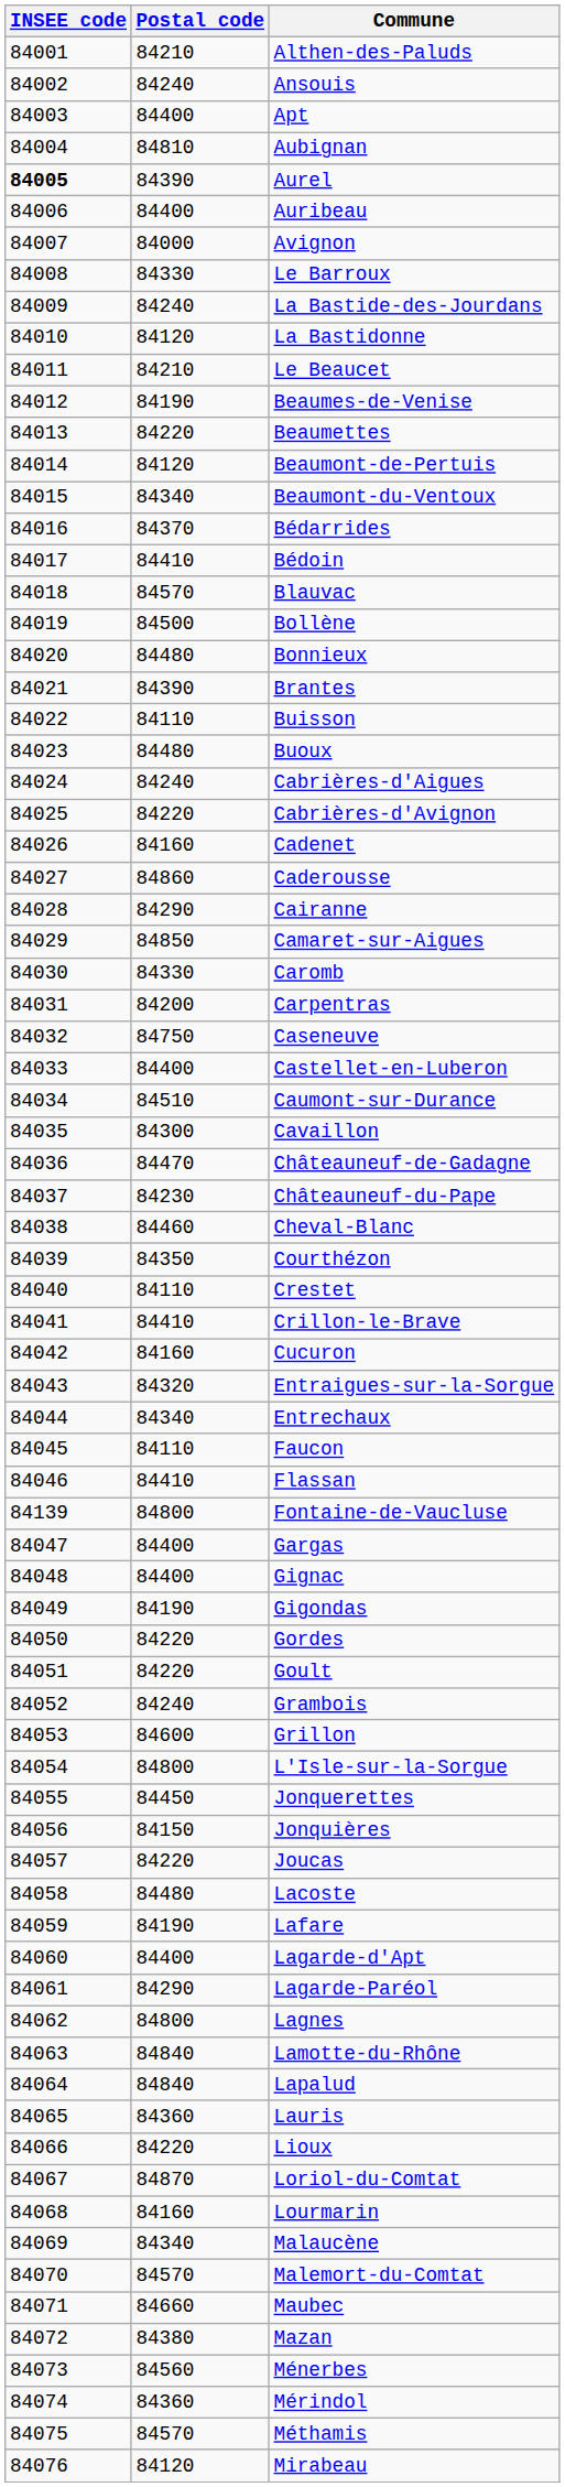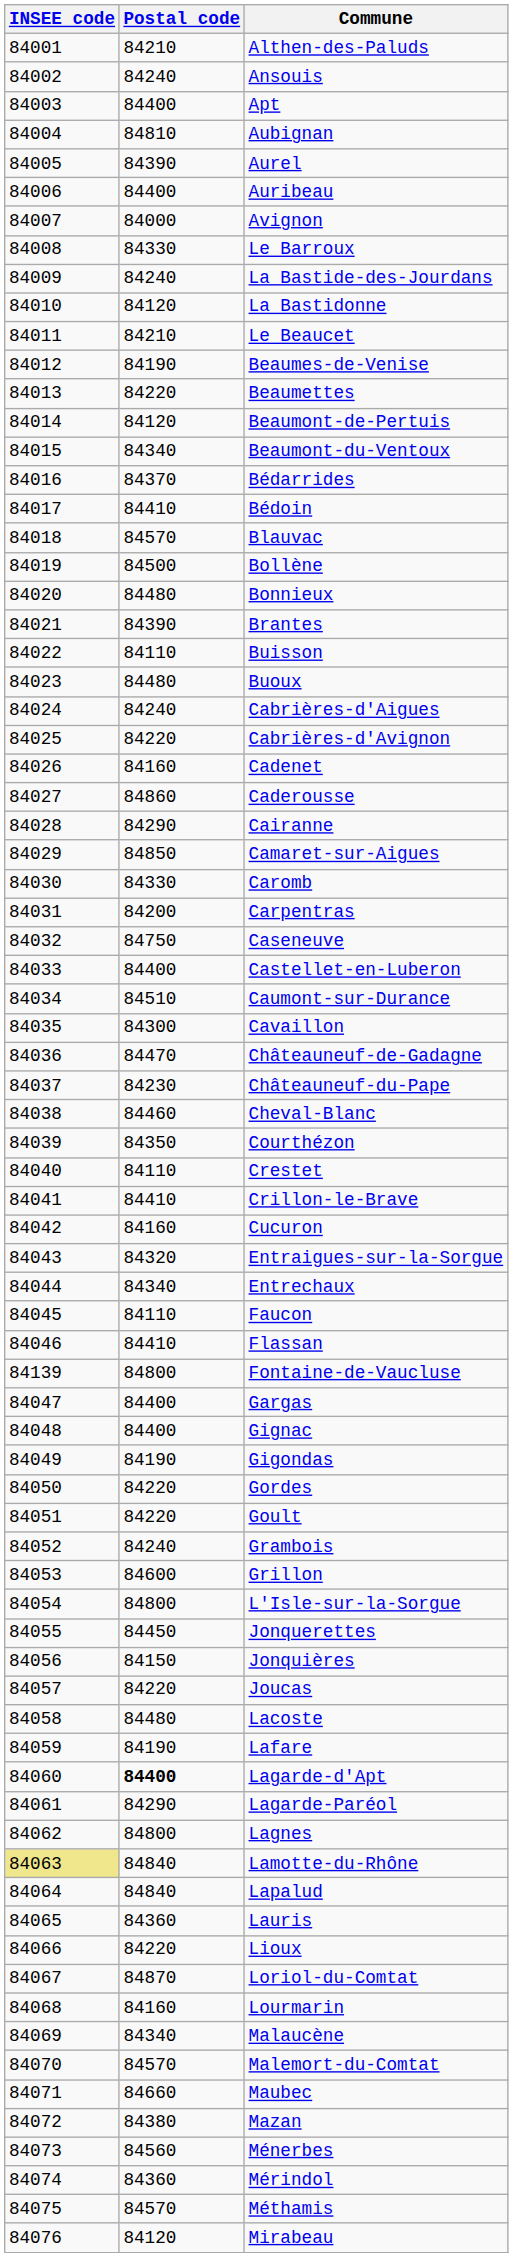 <table class="wikitable sortable">
 <tr>
 <th><a href='#'>INSEE code</a></th>
 <th><a href='#'>Postal code</a></th>
 <th>Commune</th>
 </tr>
 <tr>
 <td>84001</td>
 <td>84210</td>
 <td><a href='#'>Althen-des-Paluds</a></td>
 </tr>
 <tr>
 <td>84002</td>
 <td>84240</td>
 <td><a href='#'>Ansouis</a></td>
 </tr>
 <tr>
 <td>84003</td>
 <td>84400</td>
 <td><a href='#'>Apt</a></td>
 </tr>
 <tr>
 <td>84004</td>
 <td>84810</td>
 <td><a href='#'>Aubignan</a></td>
 </tr>
 <tr>
-<td><strong>84005</strong></td>
+<td>84005</td>
 <td>84390</td>
 <td><a href='#'>Aurel</a></td>
 </tr>
 <tr>
 <td>84006</td>
 <td>84400</td>
 <td><a href='#'>Auribeau</a></td>
 </tr>
 <tr>
 <td>84007</td>
 <td>84000</td>
 <td><a href='#'>Avignon</a></td>
 </tr>
 <tr>
 <td>84008</td>
 <td>84330</td>
 <td><a href='#'>Le Barroux</a></td>
 </tr>
 <tr>
 <td>84009</td>
 <td>84240</td>
 <td><a href='#'>La Bastide-des-Jourdans</a></td>
 </tr>
 <tr>
 <td>84010</td>
 <td>84120</td>
 <td><a href='#'>La Bastidonne</a></td>
 </tr>
 <tr>
 <td>84011</td>
 <td>84210</td>
 <td><a href='#'>Le Beaucet</a></td>
 </tr>
 <tr>
 <td>84012</td>
 <td>84190</td>
 <td><a href='#'>Beaumes-de-Venise</a></td>
 </tr>
 <tr>
 <td>84013</td>
 <td>84220</td>
 <td><a href='#'>Beaumettes</a></td>
 </tr>
 <tr>
 <td>84014</td>
 <td>84120</td>
 <td><a href='#'>Beaumont-de-Pertuis</a></td>
 </tr>
 <tr>
 <td>84015</td>
 <td>84340</td>
 <td><a href='#'>Beaumont-du-Ventoux</a></td>
 </tr>
 <tr>
 <td>84016</td>
 <td>84370</td>
 <td><a href='#'>Bédarrides</a></td>
 </tr>
 <tr>
 <td>84017</td>
 <td>84410</td>
 <td><a href='#'>Bédoin</a></td>
 </tr>
 <tr>
 <td>84018</td>
 <td>84570</td>
 <td><a href='#'>Blauvac</a></td>
 </tr>
 <tr>
 <td>84019</td>
 <td>84500</td>
 <td><a href='#'>Bollène</a></td>
 </tr>
 <tr>
 <td>84020</td>
 <td>84480</td>
 <td><a href='#'>Bonnieux</a></td>
 </tr>
 <tr>
 <td>84021</td>
 <td>84390</td>
 <td><a href='#'>Brantes</a></td>
 </tr>
 <tr>
 <td>84022</td>
 <td>84110</td>
 <td><a href='#'>Buisson</a></td>
 </tr>
 <tr>
 <td>84023</td>
 <td>84480</td>
 <td><a href='#'>Buoux</a></td>
 </tr>
 <tr>
 <td>84024</td>
 <td>84240</td>
 <td><a href='#'>Cabrières-d'Aigues</a></td>
 </tr>
 <tr>
 <td>84025</td>
 <td>84220</td>
 <td><a href='#'>Cabrières-d'Avignon</a></td>
 </tr>
 <tr>
 <td>84026</td>
 <td>84160</td>
 <td><a href='#'>Cadenet</a></td>
 </tr>
 <tr>
 <td>84027</td>
 <td>84860</td>
 <td><a href='#'>Caderousse</a></td>
 </tr>
 <tr>
 <td>84028</td>
 <td>84290</td>
 <td><a href='#'>Cairanne</a></td>
 </tr>
 <tr>
 <td>84029</td>
 <td>84850</td>
 <td><a href='#'>Camaret-sur-Aigues</a></td>
 </tr>
 <tr>
 <td>84030</td>
 <td>84330</td>
 <td><a href='#'>Caromb</a></td>
 </tr>
 <tr>
 <td>84031</td>
 <td>84200</td>
 <td><a href='#'>Carpentras</a></td>
 </tr>
 <tr>
 <td>84032</td>
 <td>84750</td>
 <td><a href='#'>Caseneuve</a></td>
 </tr>
 <tr>
 <td>84033</td>
 <td>84400</td>
 <td><a href='#'>Castellet-en-Luberon</a></td>
 </tr>
 <tr>
 <td>84034</td>
 <td>84510</td>
 <td><a href='#'>Caumont-sur-Durance</a></td>
 </tr>
 <tr>
 <td>84035</td>
 <td>84300</td>
 <td><a href='#'>Cavaillon</a></td>
 </tr>
 <tr>
 <td>84036</td>
 <td>84470</td>
 <td><a href='#'>Châteauneuf-de-Gadagne</a></td>
 </tr>
 <tr>
 <td>84037</td>
 <td>84230</td>
 <td><a href='#'>Châteauneuf-du-Pape</a></td>
 </tr>
 <tr>
 <td>84038</td>
 <td>84460</td>
 <td><a href='#'>Cheval-Blanc</a></td>
 </tr>
 <tr>
 <td>84039</td>
 <td>84350</td>
 <td><a href='#'>Courthézon</a></td>
 </tr>
 <tr>
 <td>84040</td>
 <td>84110</td>
 <td><a href='#'>Crestet</a></td>
 </tr>
 <tr>
 <td>84041</td>
 <td>84410</td>
 <td><a href='#'>Crillon-le-Brave</a></td>
 </tr>
 <tr>
 <td>84042</td>
 <td>84160</td>
 <td><a href='#'>Cucuron</a></td>
 </tr>
 <tr>
 <td>84043</td>
 <td>84320</td>
 <td><a href='#'>Entraigues-sur-la-Sorgue</a></td>
 </tr>
 <tr>
 <td>84044</td>
 <td>84340</td>
 <td><a href='#'>Entrechaux</a></td>
 </tr>
 <tr>
 <td>84045</td>
 <td>84110</td>
 <td><a href='#'>Faucon</a></td>
 </tr>
 <tr>
 <td>84046</td>
 <td>84410</td>
 <td><a href='#'>Flassan</a></td>
 </tr>
 <tr>
 <td>84139</td>
 <td>84800</td>
 <td><a href='#'>Fontaine-de-Vaucluse</a></td>
 </tr>
 <tr>
 <td>84047</td>
 <td>84400</td>
 <td><a href='#'>Gargas</a></td>
 </tr>
 <tr>
 <td>84048</td>
 <td>84400</td>
 <td><a href='#'>Gignac</a></td>
 </tr>
 <tr>
 <td>84049</td>
 <td>84190</td>
 <td><a href='#'>Gigondas</a></td>
 </tr>
 <tr>
 <td>84050</td>
 <td>84220</td>
 <td><a href='#'>Gordes</a></td>
 </tr>
 <tr>
 <td>84051</td>
 <td>84220</td>
 <td><a href='#'>Goult</a></td>
 </tr>
 <tr>
 <td>84052</td>
 <td>84240</td>
 <td><a href='#'>Grambois</a></td>
 </tr>
 <tr>
 <td>84053</td>
 <td>84600</td>
 <td><a href='#'>Grillon</a></td>
 </tr>
 <tr>
 <td>84054</td>
 <td>84800</td>
 <td><a href='#'>L'Isle-sur-la-Sorgue</a></td>
 </tr>
 <tr>
 <td>84055</td>
 <td>84450</td>
 <td><a href='#'>Jonquerettes</a></td>
 </tr>
 <tr>
 <td>84056</td>
 <td>84150</td>
 <td><a href='#'>Jonquières</a></td>
 </tr>
 <tr>
 <td>84057</td>
 <td>84220</td>
 <td><a href='#'>Joucas</a></td>
 </tr>
 <tr>
 <td>84058</td>
 <td>84480</td>
 <td><a href='#'>Lacoste</a></td>
 </tr>
 <tr>
 <td>84059</td>
 <td>84190</td>
 <td><a href='#'>Lafare</a></td>
 </tr>
 <tr>
 <td>84060</td>
-<td>84400</td>
+<td><strong>84400</strong></td>
 <td><a href='#'>Lagarde-d'Apt</a></td>
 </tr>
 <tr>
 <td>84061</td>
 <td>84290</td>
 <td><a href='#'>Lagarde-Paréol</a></td>
 </tr>
 <tr>
 <td>84062</td>
 <td>84800</td>
 <td><a href='#'>Lagnes</a></td>
 </tr>
 <tr>
-<td>84063</td>
+<td style="background: khaki;">84063</td>
 <td>84840</td>
 <td><a href='#'>Lamotte-du-Rhône</a></td>
 </tr>
 <tr>
 <td>84064</td>
 <td>84840</td>
 <td><a href='#'>Lapalud</a></td>
 </tr>
 <tr>
 <td>84065</td>
 <td>84360</td>
 <td><a href='#'>Lauris</a></td>
 </tr>
 <tr>
 <td>84066</td>
 <td>84220</td>
 <td><a href='#'>Lioux</a></td>
 </tr>
 <tr>
 <td>84067</td>
 <td>84870</td>
 <td><a href='#'>Loriol-du-Comtat</a></td>
 </tr>
 <tr>
 <td>84068</td>
 <td>84160</td>
 <td><a href='#'>Lourmarin</a></td>
 </tr>
 <tr>
 <td>84069</td>
 <td>84340</td>
 <td><a href='#'>Malaucène</a></td>
 </tr>
 <tr>
 <td>84070</td>
 <td>84570</td>
 <td><a href='#'>Malemort-du-Comtat</a></td>
 </tr>
 <tr>
 <td>84071</td>
 <td>84660</td>
 <td><a href='#'>Maubec</a></td>
 </tr>
 <tr>
 <td>84072</td>
 <td>84380</td>
 <td><a href='#'>Mazan</a></td>
 </tr>
 <tr>
 <td>84073</td>
 <td>84560</td>
 <td><a href='#'>Ménerbes</a></td>
 </tr>
 <tr>
 <td>84074</td>
 <td>84360</td>
 <td><a href='#'>Mérindol</a></td>
 </tr>
 <tr>
 <td>84075</td>
 <td>84570</td>
 <td><a href='#'>Méthamis</a></td>
 </tr>
 <tr>
 <td>84076</td>
 <td>84120</td>
 <td><a href='#'>Mirabeau</a></td>
 </tr>
 <tr>
 </tr>
 </table>
